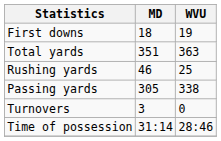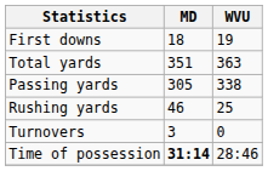 <table class="wikitable">
 <tr>
 <th>Statistics</th>
 <th>MD</th>
 <th>WVU</th>
 </tr>
 <tr>
 <td>First downs</td>
 <td>18</td>
 <td>19</td>
 </tr>
 <tr>
 <td>Total yards</td>
 <td>351</td>
 <td>363</td>
 </tr>
 <tr>
+<td>Passing yards</td>
+<td>305</td>
+<td>338</td>
+</tr>
+<tr>
 <td>Rushing yards</td>
 <td>46</td>
 <td>25</td>
-</tr>
-<tr>
-<td>Passing yards</td>
-<td>305</td>
-<td>338</td>
 </tr>
 <tr>
 <td>Turnovers</td>
 <td>3</td>
 <td>0</td>
 </tr>
 <tr>
 <td>Time of possession</td>
-<td>31:14</td>
+<td><strong>31:14</strong></td>
 <td>28:46</td>
 </tr>
 <tr>
 </tr>
 </table>
